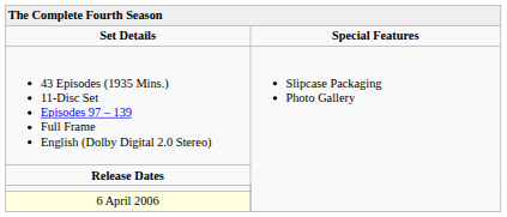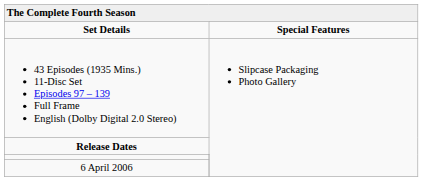 <table class="wikitable" style="font-size: 95%;">
 <tr style="background:#EFEFEF">
 <td colspan="5"><strong>The Complete Fourth Season</strong></td>
 </tr>
 <tr>
 <td align="center" width="350" colspan="3"><strong>Set Details</strong></td>
 <td width="250" align="center"><strong>Special Features</strong></td>
 </tr>
 <tr valign="top">
 <td colspan="3" align="left" width="400"><br><ul><li>43 Episodes (1935 Mins.)</li><li>11-Disc Set</li><li><a href='#'>Episodes 97 – 139</a></li><li>Full Frame</li><li>English (Dolby Digital 2.0 Stereo)</li></ul></td>
 <td rowspan="4" align="left" width="300"><br><ul><li>Slipcase Packaging</li><li>Photo Gallery</li></ul></td>
 </tr>
 <tr>
 <td colspan="3" align="center"><strong>Release Dates</strong></td>
 </tr>
 <tr>
 <td align="center"></td>
 </tr>
 <tr>
-<td align="center" style="background: lightyellow;">6 April 2006</td>
+<td align="center">6 April 2006</td>
 </tr>
 </table>
